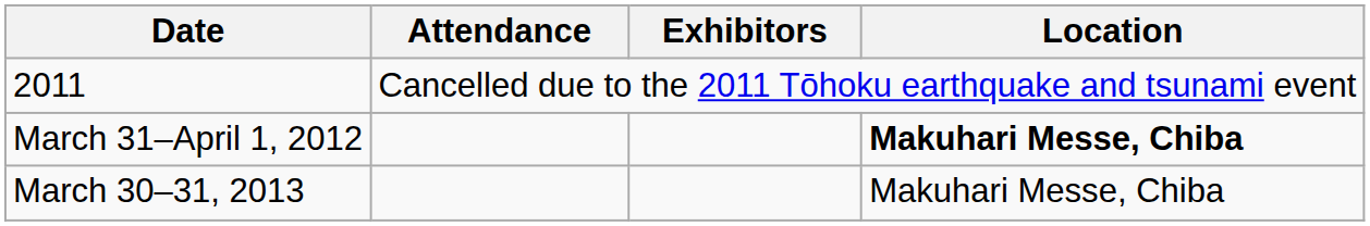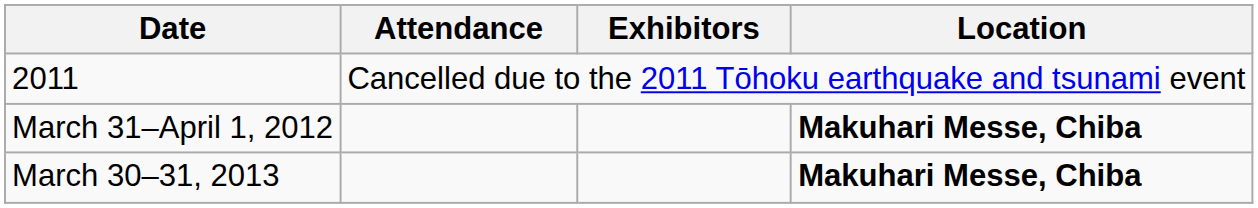 <table class="wikitable">
 <tr>
 <th>Date</th>
 <th>Attendance</th>
 <th>Exhibitors</th>
 <th>Location</th>
 </tr>
 <tr>
 <td>2011</td>
 <td colspan="3">Cancelled due to the <a href='#'>2011 Tōhoku earthquake and tsunami</a> event</td>
 </tr>
 <tr>
 <td>March 31–April 1, 2012</td>
 <td></td>
 <td></td>
 <td><strong>Makuhari Messe, Chiba</strong></td>
 </tr>
 <tr>
 <td>March 30–31, 2013</td>
 <td></td>
 <td></td>
-<td>Makuhari Messe, Chiba</td>
+<td><strong>Makuhari Messe, Chiba</strong></td>
 </tr>
 </table>
